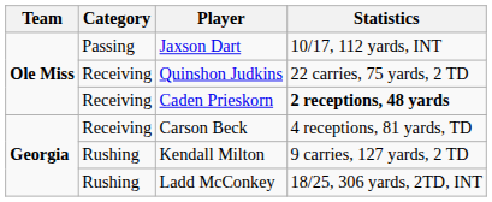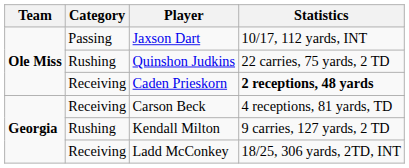 <table class="wikitable" style="float: right;">
 <tr>
 <th>Team</th>
 <th>Category</th>
 <th>Player</th>
 <th>Statistics</th>
 </tr>
 <tr>
 <td rowspan=3><strong>Ole Miss</strong></td>
 <td>Passing</td>
 <td><a href='#'>Jaxson Dart</a></td>
 <td>10/17, 112 yards, INT</td>
 </tr>
 <tr>
-<td>Receiving</td>
+<td>Rushing</td>
 <td><a href='#'>Quinshon Judkins</a></td>
 <td>22 carries, 75 yards, 2 TD</td>
 </tr>
 <tr>
 <td>Receiving</td>
 <td><a href='#'>Caden Prieskorn</a></td>
 <td><strong>2 receptions, 48 yards</strong></td>
 </tr>
 <tr>
 <td rowspan=3><strong>Georgia</strong></td>
 <td>Receiving</td>
 <td>Carson Beck</td>
 <td>4 receptions, 81 yards, TD</td>
 </tr>
 <tr>
 <td>Rushing</td>
 <td>Kendall Milton</td>
 <td>9 carries, 127 yards, 2 TD</td>
 </tr>
 <tr>
-<td>Rushing</td>
+<td>Receiving</td>
 <td>Ladd McConkey</td>
 <td>18/25, 306 yards, 2TD, INT</td>
 </tr>
 </table>
